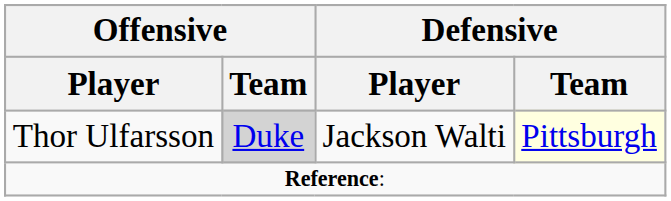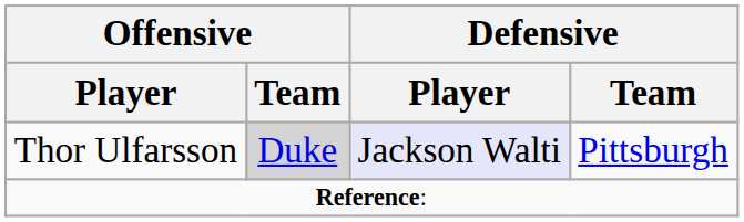 <table class="wikitable" style="text-align: center;">
 <tr>
 <th colspan="2">Offensive</th>
 <th colspan="2">Defensive</th>
 </tr>
 <tr>
 <th>Player</th>
 <th>Team</th>
 <th>Player</th>
 <th>Team</th>
 </tr>
 <tr>
 <td>Thor Ulfarsson</td>
 <td style="background: lightgrey;"><a href='#'>Duke</a></td>
-<td>Jackson Walti</td>
-<td style="background: lightyellow;"><a href='#'>Pittsburgh</a></td>
+<td style="background: lavender;">Jackson Walti</td>
+<td><a href='#'>Pittsburgh</a></td>
 </tr>
 <tr>
 <td colspan="4"  style="font-size:8pt; text-align:center;"><strong>Reference</strong>:</td>
 </tr>
 </table>
